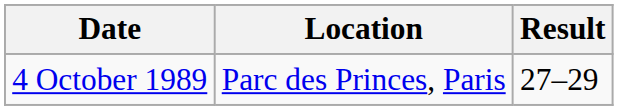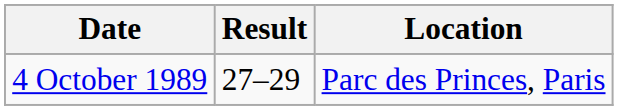 <table class="wikitable" style="align:center;">
 <tr>
 <th>Date</th>
+<th>Result</th>
 <th>Location</th>
-<th>Result</th>
 </tr>
 <tr>
 <td><a href='#'>4 October 1989</a></td>
+<td> 27–29 </td>
 <td><a href='#'>Parc des Princes</a>, <a href='#'>Paris</a></td>
-<td> 27–29 </td>
 </tr>
 </table>
